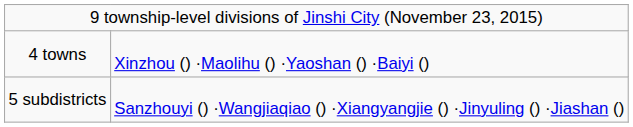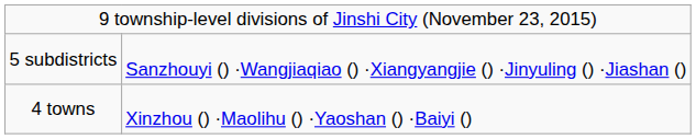 <table class="wikitable">
 <tr>
 <td style="text-align:center;" colspan="2">9 township-level divisions of <a href='#'>Jinshi City</a> (November 23, 2015)</td>
 </tr>
 <tr align=left>
+<td align=center>5 subdistricts</td>
+<td><br><a href='#'>Sanzhouyi</a> () ·<a href='#'>Wangjiaqiao</a> () ·<a href='#'>Xiangyangjie</a> () ·<a href='#'>Jinyuling</a> () ·<a href='#'>Jiashan</a> ()</td>
+</tr>
+<tr align=left>
 <td align=center>4 towns</td>
 <td><br><a href='#'>Xinzhou</a> () ·<a href='#'>Maolihu</a> () ·<a href='#'>Yaoshan</a> () ·<a href='#'>Baiyi</a> ()</td>
 </tr>
-<tr align=left>
-<td align=center>5 subdistricts</td>
-<td><br><a href='#'>Sanzhouyi</a> () ·<a href='#'>Wangjiaqiao</a> () ·<a href='#'>Xiangyangjie</a> () ·<a href='#'>Jinyuling</a> () ·<a href='#'>Jiashan</a> ()</td>
-</tr>
 </table>
